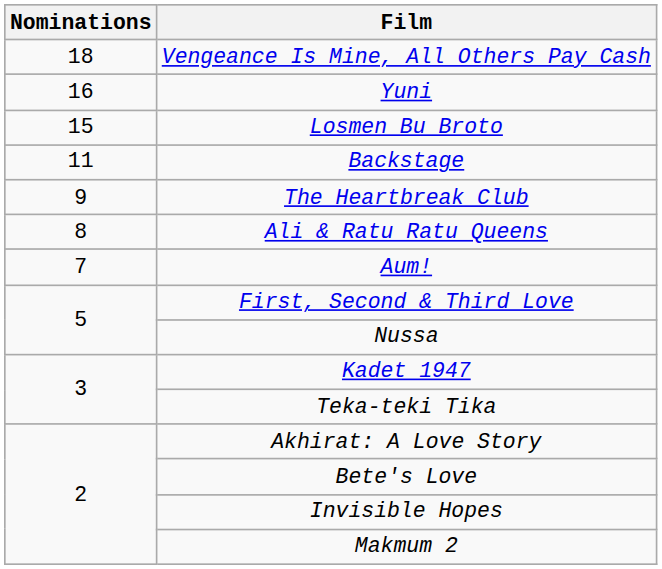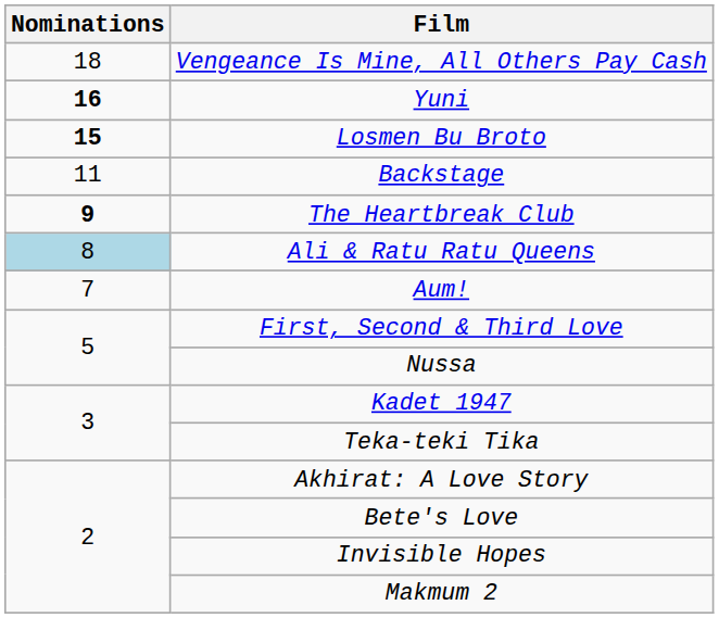 <table class="wikitable plainrowheaders" style="text-align:center;">
 <tr>
 <th scope="col" style="width:55px;">Nominations</th>
 <th scope="col" style="text-align:center;">Film</th>
 </tr>
 <tr>
 <td>18</td>
 <td><em><a href='#'>Vengeance Is Mine, All Others Pay Cash</a></em></td>
 </tr>
 <tr>
-<td>16</td>
+<td><strong>16</strong></td>
 <td><em><a href='#'>Yuni</a></em></td>
 </tr>
 <tr>
-<td>15</td>
+<td><strong>15</strong></td>
 <td><em><a href='#'>Losmen Bu Broto</a></em></td>
 </tr>
 <tr>
 <td>11</td>
 <td><em><a href='#'>Backstage</a></em></td>
 </tr>
 <tr>
-<td>9</td>
+<td><strong>9</strong></td>
 <td><em><a href='#'>The Heartbreak Club</a></em></td>
 </tr>
 <tr>
-<td>8</td>
+<td style="background: lightblue;">8</td>
 <td><em><a href='#'>Ali & Ratu Ratu Queens</a></em></td>
 </tr>
 <tr>
 <td>7</td>
 <td><em><a href='#'>Aum!</a></em></td>
 </tr>
 <tr>
 <td rowspan="2">5</td>
 <td><em><a href='#'>First, Second & Third Love</a></em></td>
 </tr>
 <tr>
 <td><em>Nussa</em></td>
 </tr>
 <tr>
 <td rowspan="2">3</td>
 <td><em><a href='#'>Kadet 1947</a></em></td>
 </tr>
 <tr>
 <td><em>Teka-teki Tika</em></td>
 </tr>
 <tr>
 <td rowspan="4">2</td>
 <td><em>Akhirat: A Love Story</em></td>
 </tr>
 <tr>
 <td><em>Bete's Love</em></td>
 </tr>
 <tr>
 <td><em>Invisible Hopes</em></td>
 </tr>
 <tr>
 <td><em>Makmum 2</em></td>
 </tr>
 </table>
